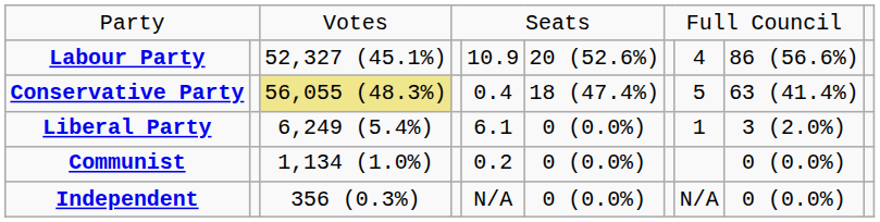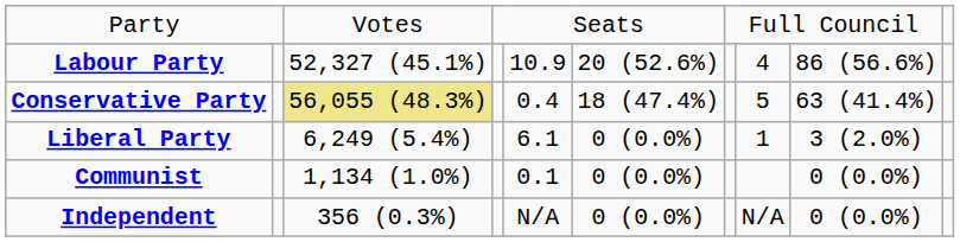 <table class=wikitable style="text-align:center;">
 <tr>
 <td colspan=2>Party</td>
 <td colspa1475n=3>Votes</td>
 <td colspan=3>Seats</td>
 <td colspan=3>Full Council</td>
 </tr>
 <tr>
 <td><strong><a href='#'>Labour Party</a></strong></td>
 <td style="background:"></td>
 <td>52,327 (45.1%)</td>
 <td></td>
 <td> 10.9</td>
 <td>20 (52.6%)</td>
 <td></td>
 <td> 4</td>
 <td>86 (56.6%)</td>
 <td></td>
 </tr>
 <tr>
 <td><strong><a href='#'>Conservative Party</a></strong></td>
 <td style="background:"></td>
 <td style="background: khaki;">56,055 (48.3%)</td>
 <td></td>
 <td> 0.4</td>
 <td>18 (47.4%)</td>
 <td></td>
 <td> 5</td>
 <td>63 (41.4%)</td>
 <td></td>
 </tr>
 <tr>
 <td><strong><a href='#'>Liberal Party</a></strong></td>
 <td style="background:"></td>
 <td>6,249 (5.4%)</td>
 <td></td>
 <td> 6.1</td>
 <td>0 (0.0%)</td>
 <td></td>
 <td> 1</td>
 <td>3 (2.0%)</td>
 <td></td>
 </tr>
 <tr>
 <td><strong><a href='#'>Communist</a></strong></td>
 <td style="background:"></td>
 <td>1,134 (1.0%)</td>
 <td></td>
-<td> 0.2</td>
+<td> 0.1</td>
 <td>0 (0.0%)</td>
 <td></td>
 <td></td>
 <td>0 (0.0%)</td>
 <td></td>
 </tr>
 <tr>
 <td><strong><a href='#'>Independent</a></strong></td>
 <td style="background:"></td>
 <td>356 (0.3%)</td>
 <td></td>
 <td>N/A</td>
 <td>0 (0.0%)</td>
 <td></td>
 <td>N/A</td>
 <td>0 (0.0%)</td>
 <td></td>
 </tr>
 </table>
